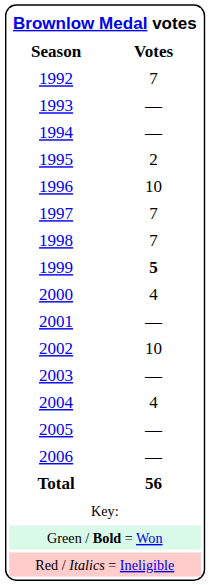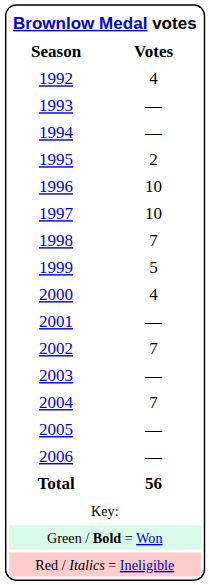 <table table style="margin-right: 4px; margin-top: 8px; float: right; border: 1px #000000 solid; border-radius: 8px; background: #FFFFFF; font-family: Verdana; font-size: 9pt; text-align: center;">
 <tr style="background:#FFFFFF;">
 <td colspan=2; style="padding: 3px; margin-bottom: -3px; margin-top: 2px; font-family: Arial; background:#FFFFFF;"><strong><a href='#'>Brownlow Medal</a> votes</strong></td>
 </tr>
 <tr>
 <th width=50%>Season</th>
 <th width=50%>Votes</th>
 </tr>
 <tr>
 <td><a href='#'>1992</a></td>
-<td>7</td>
+<td>4</td>
 </tr>
 <tr>
 <td><a href='#'>1993</a></td>
 <td>—</td>
 </tr>
 <tr>
 <td><a href='#'>1994</a></td>
 <td>—</td>
 </tr>
 <tr>
 <td><a href='#'>1995</a></td>
 <td>2</td>
 </tr>
 <tr>
 <td><a href='#'>1996</a></td>
 <td>10</td>
 </tr>
 <tr>
 <td><a href='#'>1997</a></td>
-<td>7</td>
+<td>10</td>
 </tr>
 <tr>
 <td><a href='#'>1998</a></td>
 <td>7</td>
 </tr>
 <tr>
 <td><a href='#'>1999</a></td>
-<td><strong>5</strong></td>
+<td>5</td>
 </tr>
 <tr>
 <td><a href='#'>2000</a></td>
 <td>4</td>
 </tr>
 <tr>
 <td><a href='#'>2001</a></td>
 <td>—</td>
 </tr>
 <tr>
 <td><a href='#'>2002</a></td>
-<td>10</td>
+<td>7</td>
 </tr>
 <tr>
 <td><a href='#'>2003</a></td>
 <td>—</td>
 </tr>
 <tr>
 <td><a href='#'>2004</a></td>
-<td>4</td>
+<td>7</td>
 </tr>
 <tr>
 <td><a href='#'>2005</a></td>
 <td>—</td>
 </tr>
 <tr>
 <td><a href='#'>2006</a></td>
 <td>—</td>
 </tr>
 <tr>
 <td><strong>Total</strong></td>
 <td><strong>56</strong></td>
 </tr>
 <tr>
 <td colspan=2><small>Key:</small></td>
 </tr>
 <tr style="background-color:#d9f9e9; border:1px solid #aaaaaa; width:2em;">
 <td colspan=2><small>Green / <strong>Bold</strong> = <a href='#'>Won</a></small></td>
 </tr>
 <tr style="background-color:#FFCCCC; border:1px solid #aaaaaa; width:2em;">
 <td colspan=2><small>Red / <em>Italics</em> = <a href='#'>Ineligible</a></small></td>
 </tr>
 </table>
